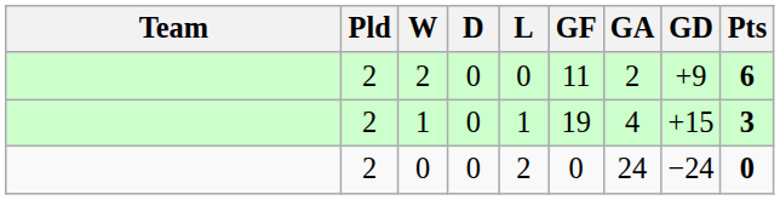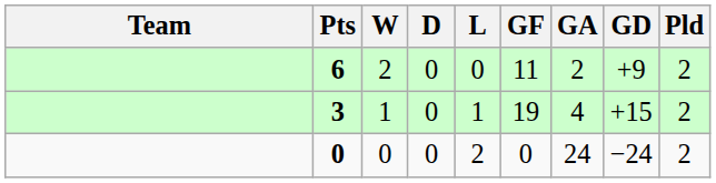 <table class="wikitable" style="text-align: center;">
 <tr>
 <th width="175">Team</th>
-<th width="20">Pld</th>
+<th width="20">Pts</th>
 <th width="20">W</th>
 <th width="20">D</th>
 <th width="20">L</th>
 <th width="20">GF</th>
 <th width="20">GA</th>
 <th width="20">GD</th>
-<th width="20">Pts</th>
+<th width="20">Pld</th>
 </tr>
 <tr bgcolor=#ccffcc>
 <td align=left></td>
-<td>2</td>
+<td><strong>6</strong></td>
 <td>2</td>
 <td>0</td>
 <td>0</td>
 <td>11</td>
 <td>2</td>
 <td>+9</td>
-<td><strong>6</strong></td>
+<td>2</td>
 </tr>
 <tr bgcolor=#ccffcc>
 <td align=left></td>
-<td>2</td>
+<td><strong>3</strong></td>
 <td>1</td>
 <td>0</td>
 <td>1</td>
 <td>19</td>
 <td>4</td>
 <td>+15</td>
-<td><strong>3</strong></td>
+<td>2</td>
 </tr>
 <tr>
 <td align=left></td>
-<td>2</td>
+<td><strong>0</strong></td>
 <td>0</td>
 <td>0</td>
 <td>2</td>
 <td>0</td>
 <td>24</td>
 <td>−24</td>
-<td><strong>0</strong></td>
+<td>2</td>
 </tr>
 </table>
